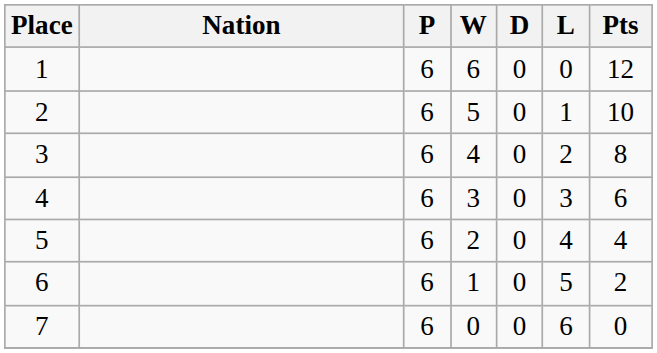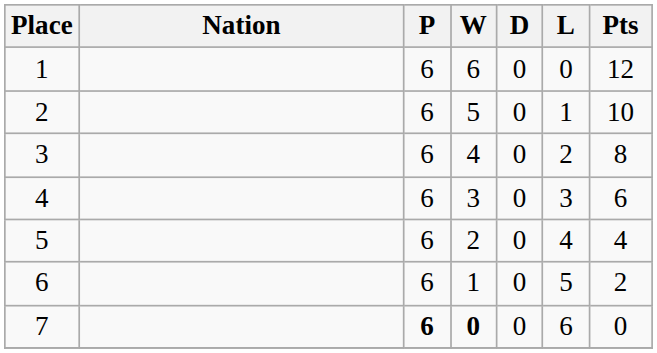 <table class=wikitable style=text-align:center>
 <tr>
 <th width=35>Place</th>
 <th width=185>Nation</th>
 <th width=20>P</th>
 <th width=20>W</th>
 <th width=20>D</th>
 <th width=20>L</th>
 <th width=30>Pts</th>
 </tr>
 <tr>
 <td>1</td>
 <td style=text-align:left></td>
 <td>6</td>
 <td>6</td>
 <td>0</td>
 <td>0</td>
 <td>12</td>
 </tr>
 <tr>
 <td>2</td>
 <td style=text-align:left></td>
 <td>6</td>
 <td>5</td>
 <td>0</td>
 <td>1</td>
 <td>10</td>
 </tr>
 <tr>
 <td>3</td>
 <td style=text-align:left></td>
 <td>6</td>
 <td>4</td>
 <td>0</td>
 <td>2</td>
 <td>8</td>
 </tr>
 <tr>
 <td>4</td>
 <td style=text-align:left></td>
 <td>6</td>
 <td>3</td>
 <td>0</td>
 <td>3</td>
 <td>6</td>
 </tr>
 <tr>
 <td>5</td>
 <td style=text-align:left></td>
 <td>6</td>
 <td>2</td>
 <td>0</td>
 <td>4</td>
 <td>4</td>
 </tr>
 <tr>
 <td>6</td>
 <td style=text-align:left></td>
 <td>6</td>
 <td>1</td>
 <td>0</td>
 <td>5</td>
 <td>2</td>
 </tr>
 <tr>
 <td>7</td>
 <td style=text-align:left></td>
-<td>6</td>
-<td>0</td>
+<td><strong>6</strong></td>
+<td><strong>0</strong></td>
 <td>0</td>
 <td>6</td>
 <td>0</td>
 </tr>
 <tr>
 </tr>
 </table>
